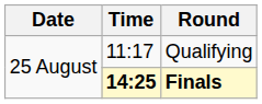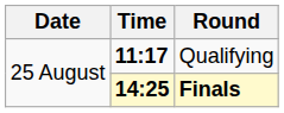 <table class="wikitable">
 <tr>
 <th>Date</th>
 <th>Time</th>
 <th>Round</th>
 </tr>
 <tr>
 <td rowspan=2>25 August</td>
-<td>11:17</td>
+<td><strong>11:17</strong></td>
 <td>Qualifying</td>
 </tr>
 <tr style="background:lemonchiffon">
 <td><strong>14:25</strong></td>
 <td><strong>Finals</strong></td>
 </tr>
 </table>
